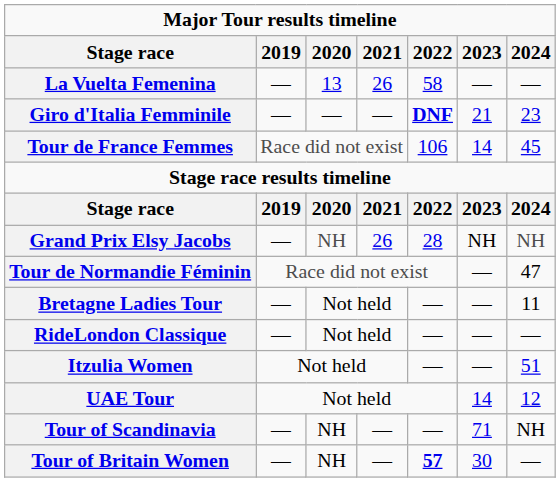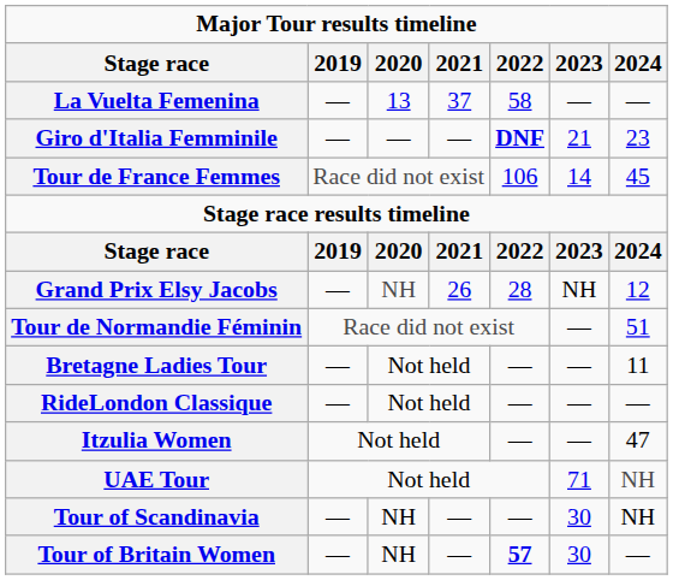 <table class="wikitable plainrowheaders">
 <tr>
 <td colspan="16" align="center"><strong>Major Tour results timeline</strong></td>
 </tr>
 <tr style="background:#EEEEEE;">
 <th>Stage race</th>
 <th>2019</th>
 <th>2020</th>
 <th>2021</th>
 <th>2022</th>
 <th>2023</th>
 <th>2024</th>
 </tr>
 <tr style="text-align:center">
 <th scope="row"><a href='#'>La Vuelta Femenina</a></th>
 <td>—</td>
 <td><a href='#'>13</a></td>
-<td><a href='#'>26</a></td>
+<td><a href='#'>37</a></td>
 <td><a href='#'>58</a></td>
 <td>—</td>
 <td>—</td>
 </tr>
 <tr style="text-align:center">
 <th scope="row"><a href='#'>Giro d'Italia Femminile</a></th>
 <td>—</td>
 <td>—</td>
 <td>—</td>
 <td><strong><a href='#'>DNF</a></strong></td>
 <td><a href='#'>21</a></td>
 <td><a href='#'>23</a></td>
 </tr>
 <tr style="text-align:center">
 <th scope="row"><a href='#'>Tour de France Femmes</a></th>
 <td style="color:#4d4d4d;" colspan=3>Race did not exist</td>
 <td><a href='#'>106</a></td>
 <td><a href='#'>14</a></td>
 <td><a href='#'>45</a></td>
 </tr>
 <tr>
 <td colspan="16" align="center"><strong>Stage race results timeline</strong></td>
 </tr>
 <tr style="background:#EEEEEE;">
 <th>Stage race</th>
 <th>2019</th>
 <th>2020</th>
 <th>2021</th>
 <th>2022</th>
 <th>2023</th>
 <th>2024</th>
 </tr>
 <tr style="text-align:center">
 <th scope="row"><a href='#'>Grand Prix Elsy Jacobs</a></th>
 <td>—</td>
 <td style="color:#4d4d4d;">NH</td>
 <td><a href='#'>26</a></td>
 <td><a href='#'>28</a></td>
 <td>NH</td>
-<td style="color:#4d4d4d;">NH</td>
+<td><a href='#'>12</a></td>
 </tr>
 <tr style="text-align:center;">
 <th scope="row"><a href='#'>Tour de Normandie Féminin</a></th>
 <td style="color:#4d4d4d;" colspan=4>Race did not exist</td>
 <td>—</td>
-<td>47</td>
+<td><a href='#'>51</a></td>
 </tr>
 <tr style="text-align:center;">
 <th scope="row"><a href='#'>Bretagne Ladies Tour</a></th>
 <td>—</td>
 <td colspan=2>Not held</td>
 <td>—</td>
 <td>—</td>
 <td>11</td>
 </tr>
 <tr style="text-align:center;">
 <th scope="row"><a href='#'>RideLondon Classique</a></th>
 <td>—</td>
 <td colspan=2>Not held</td>
 <td>—</td>
 <td>—</td>
 <td>—</td>
 </tr>
 <tr style="text-align:center;">
 <th scope="row"><a href='#'>Itzulia Women</a></th>
 <td colspan=3>Not held</td>
 <td>—</td>
 <td>—</td>
-<td><a href='#'>51</a></td>
+<td>47</td>
 </tr>
 <tr style="text-align:center;">
 <th scope="row"><a href='#'>UAE Tour</a></th>
 <td colspan=4>Not held</td>
-<td><a href='#'>14</a></td>
-<td><a href='#'>12</a></td>
+<td><a href='#'>71</a></td>
+<td style="color:#4d4d4d;">NH</td>
 </tr>
 <tr style="text-align:center;">
 <th scope="row"><a href='#'>Tour of Scandinavia</a></th>
 <td>—</td>
 <td>NH</td>
 <td>—</td>
 <td>—</td>
-<td><a href='#'>71</a></td>
+<td><a href='#'>30</a></td>
 <td>NH</td>
 </tr>
 <tr style="text-align:center;">
 <th scope="row"><a href='#'>Tour of Britain Women</a></th>
 <td>—</td>
 <td>NH</td>
 <td>—</td>
 <td><strong><a href='#'>57</a></strong></td>
 <td><a href='#'>30</a></td>
 <td>—</td>
 </tr>
 </table>
